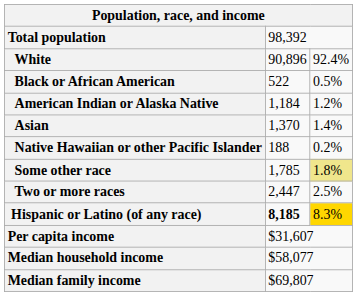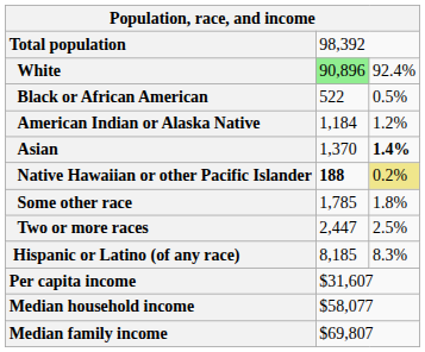 <table class="wikitable collapsible collapsed">
 <tr>
 <th colspan=6>Population, race, and income</th>
 </tr>
 <tr>
 <th scope="row" style="text-align: left;">Total population</th>
 <td colspan=2>98,392</td>
 </tr>
 <tr>
 <th scope="row" style="text-align: left;">  White</th>
-<td>90,896</td>
+<td style="background: lightgreen;">90,896</td>
 <td>92.4%</td>
 </tr>
 <tr>
 <th scope="row" style="text-align: left;">  Black or African American</th>
 <td>522</td>
 <td>0.5%</td>
 </tr>
 <tr>
 <th scope="row" style="text-align: left;">  American Indian or Alaska Native</th>
 <td>1,184</td>
 <td>1.2%</td>
 </tr>
 <tr>
 <th scope="row" style="text-align: left;">  Asian</th>
 <td>1,370</td>
-<td>1.4%</td>
+<td><strong>1.4%</strong></td>
 </tr>
 <tr>
 <th scope="row" style="text-align: left;">  Native Hawaiian or other Pacific Islander</th>
-<td>188</td>
-<td>0.2%</td>
+<td><strong>188</strong></td>
+<td style="background: khaki;">0.2%</td>
 </tr>
 <tr>
 <th scope="row" style="text-align: left;">  Some other race</th>
 <td>1,785</td>
-<td style="background: khaki;">1.8%</td>
+<td>1.8%</td>
 </tr>
 <tr>
 <th scope="row" style="text-align: left;">  Two or more races</th>
 <td>2,447</td>
 <td>2.5%</td>
 </tr>
 <tr>
 <th scope="row" style="text-align: left;"> Hispanic or Latino (of any race)</th>
-<td><strong>8,185</strong></td>
-<td style="background: gold;">8.3%</td>
+<td>8,185</td>
+<td>8.3%</td>
 </tr>
 <tr>
 <th scope="row" style="text-align: left;">Per capita income</th>
 <td colspan=2>$31,607</td>
 </tr>
 <tr>
 <th scope="row" style="text-align: left;">Median household income</th>
 <td colspan=2>$58,077</td>
 </tr>
 <tr>
 <th scope="row" style="text-align: left;">Median family income</th>
 <td colspan=2>$69,807</td>
 </tr>
 </table>
